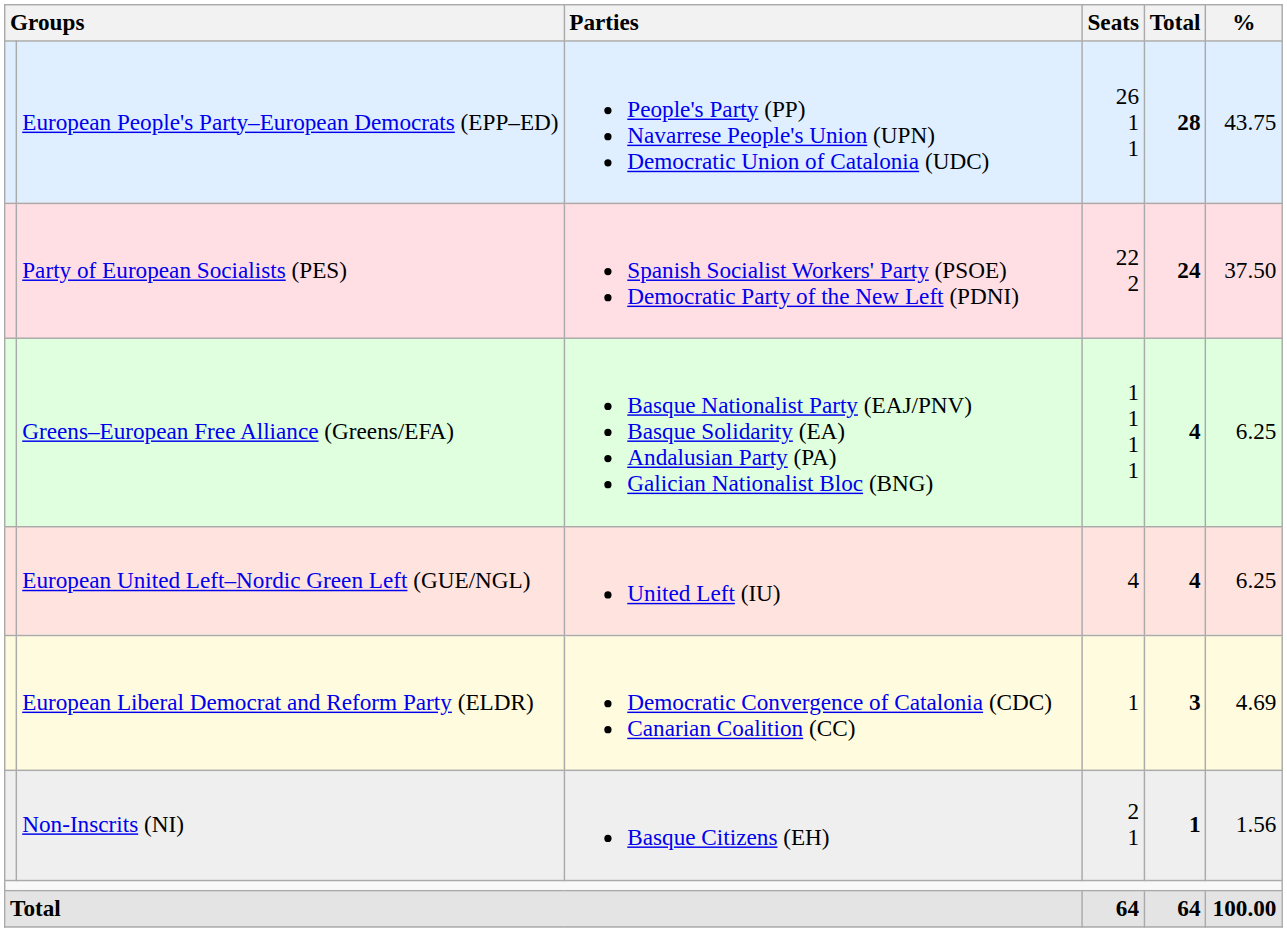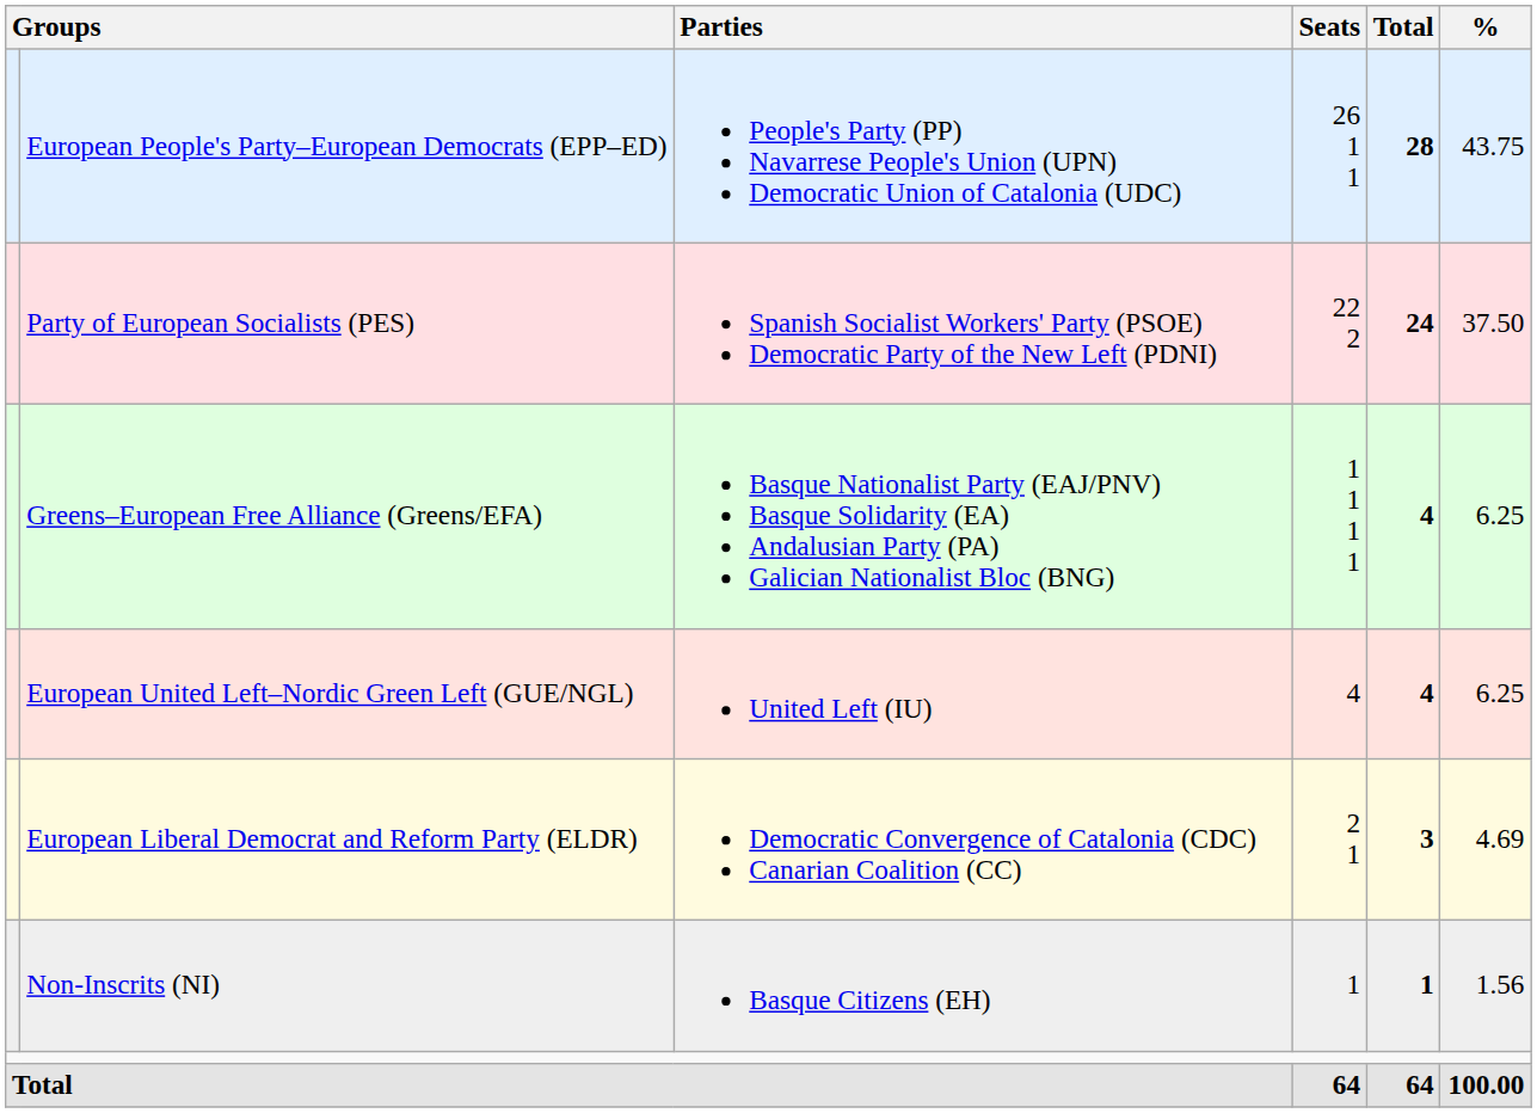 <table class="wikitable" style="text-align:right;">
 <tr>
 <th style="text-align:left;" colspan="2" width="375">Groups</th>
 <th style="text-align:left;" width="350">Parties</th>
 <th width="35">Seats</th>
 <th width="35">Total</th>
 <th width="45">%</th>
 </tr>
 <tr style="background:#DFEFFF;">
 <td width="1" style="color:inherit;background:"></td>
 <td align="left"><a href='#'>European People's Party–European Democrats</a> (EPP–ED)</td>
 <td align="left"><br><ul><li><a href='#'>People's Party</a> (PP)</li><li><a href='#'>Navarrese People's Union</a> (UPN)</li><li><a href='#'>Democratic Union of Catalonia</a> (UDC)</li></ul></td>
 <td>26<br>1<br>1</td>
 <td><strong>28</strong></td>
 <td>43.75</td>
 </tr>
 <tr style="background:#FFDFE3;">
 <td style="color:inherit;background:"></td>
 <td align="left"><a href='#'>Party of European Socialists</a> (PES)</td>
 <td align="left"><br><ul><li><a href='#'>Spanish Socialist Workers' Party</a> (PSOE)</li><li><a href='#'>Democratic Party of the New Left</a> (PDNI)</li></ul></td>
 <td>22<br>2</td>
 <td><strong>24</strong></td>
 <td>37.50</td>
 </tr>
 <tr style="background:#DFFFDF;">
 <td style="color:inherit;background:"></td>
 <td align="left"><a href='#'>Greens–European Free Alliance</a> (Greens/EFA)</td>
 <td align="left"><br><ul><li><a href='#'>Basque Nationalist Party</a> (EAJ/PNV)</li><li><a href='#'>Basque Solidarity</a> (EA)</li><li><a href='#'>Andalusian Party</a> (PA)</li><li><a href='#'>Galician Nationalist Bloc</a> (BNG)</li></ul></td>
 <td>1<br>1<br>1<br>1</td>
 <td><strong>4</strong></td>
 <td>6.25</td>
 </tr>
 <tr style="background:#FFE3DF;">
 <td style="color:inherit;background:"></td>
 <td align="left"><a href='#'>European United Left–Nordic Green Left</a> (GUE/NGL)</td>
 <td align="left"><br><ul><li><a href='#'>United Left</a> (IU)</li></ul></td>
 <td>4</td>
 <td><strong>4</strong></td>
 <td>6.25</td>
 </tr>
 <tr style="background:#FFFBDF;">
 <td style="color:inherit;background:"></td>
 <td align="left"><a href='#'>European Liberal Democrat and Reform Party</a> (ELDR)</td>
 <td align="left"><br><ul><li><a href='#'>Democratic Convergence of Catalonia</a> (CDC)</li><li><a href='#'>Canarian Coalition</a> (CC)</li></ul></td>
-<td>1</td>
+<td>2<br>1</td>
 <td><strong>3</strong></td>
 <td>4.69</td>
 </tr>
 <tr style="background:#EFEFEF;">
 <td style="color:inherit;background:"></td>
 <td align="left"><a href='#'>Non-Inscrits</a> (NI)</td>
 <td align="left"><br><ul><li><a href='#'>Basque Citizens</a> (EH)</li></ul></td>
-<td>2<br>1</td>
+<td>1</td>
 <td><strong>1</strong></td>
 <td>1.56</td>
 </tr>
 <tr>
 <td colspan="6"></td>
 </tr>
 <tr style="background:#E4E4E4; font-weight:bold;">
 <td align="left" colspan="3">Total</td>
 <td>64</td>
 <td>64</td>
 <td>100.00</td>
 </tr>
 </table>
